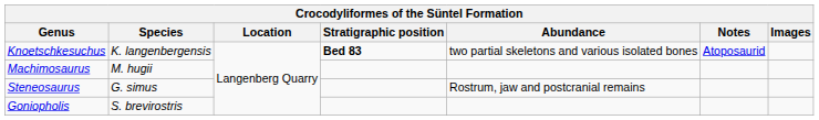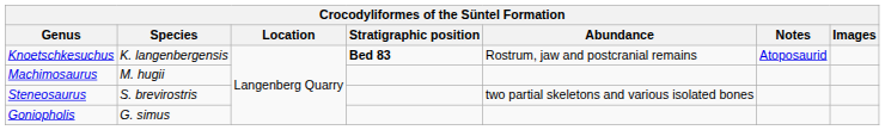 <table class="wikitable sortable">
 <tr>
 <th colspan="7" align="center"><strong>Crocodyliformes of the Süntel Formation</strong></th>
 </tr>
 <tr>
 <th>Genus</th>
 <th>Species</th>
 <th>Location</th>
 <th>Stratigraphic position</th>
 <th>Abundance</th>
 <th>Notes</th>
 <th>Images</th>
 </tr>
 <tr>
 <td><em><a href='#'>Knoetschkesuchus</a></em></td>
 <td><em>K. langenbergensis</em></td>
 <td rowspan="4">Langenberg Quarry</td>
 <td><strong>Bed 83</strong></td>
-<td>two partial skeletons and various isolated bones</td>
+<td>Rostrum, jaw and postcranial remains</td>
 <td><a href='#'>Atoposaurid</a></td>
 <td></td>
 </tr>
 <tr>
 <td><em><a href='#'>Machimosaurus</a></em></td>
 <td><em>M. hugii</em></td>
 <td></td>
 <td></td>
 <td></td>
 <td></td>
 </tr>
 <tr>
 <td><em><a href='#'>Steneosaurus</a></em></td>
-<td><em>G. simus</em></td>
+<td><em>S. brevirostris</em></td>
 <td></td>
-<td>Rostrum, jaw and postcranial remains</td>
+<td>two partial skeletons and various isolated bones</td>
 <td></td>
 <td></td>
 </tr>
 <tr>
 <td><em><a href='#'>Goniopholis</a></em></td>
-<td><em>S. brevirostris</em></td>
+<td><em>G. simus</em></td>
 <td></td>
 <td></td>
 <td></td>
 <td></td>
 </tr>
 </table>
